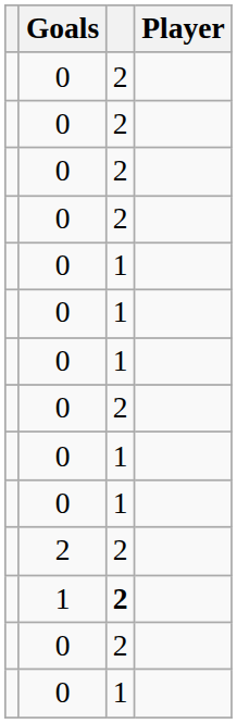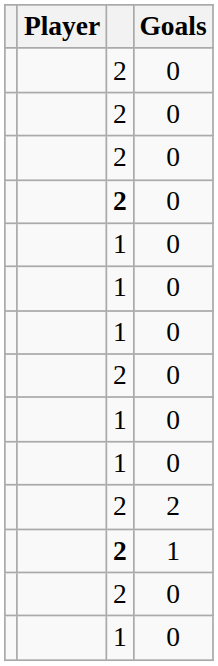 <table class="wikitable sortable" style="text-align:center;">
 <tr>
 <th></th>
+<th>Player</th>
+<th></th>
 <th>Goals</th>
-<th></th>
-<th>Player</th>
 </tr>
 <tr>
 <td></td>
+<td align="left"></td>
+<td>2</td>
 <td>0</td>
-<td>2</td>
-<td align="left"></td>
 </tr>
 <tr>
 <td></td>
+<td align="left"></td>
+<td>2</td>
 <td>0</td>
-<td>2</td>
-<td align="left"></td>
 </tr>
 <tr>
 <td></td>
+<td align="left"></td>
+<td>2</td>
 <td>0</td>
-<td>2</td>
-<td align="left"></td>
 </tr>
 <tr>
 <td></td>
+<td align="left"></td>
+<td><strong>2</strong></td>
 <td>0</td>
-<td>2</td>
-<td align="left"></td>
 </tr>
 <tr>
 <td></td>
+<td align="left"></td>
+<td>1</td>
 <td>0</td>
-<td>1</td>
-<td align="left"></td>
 </tr>
 <tr>
 <td></td>
+<td align="left"></td>
+<td>1</td>
 <td>0</td>
-<td>1</td>
-<td align="left"></td>
 </tr>
 <tr>
 <td></td>
+<td align="left"></td>
+<td>1</td>
 <td>0</td>
-<td>1</td>
-<td align="left"></td>
 </tr>
 <tr>
 <td></td>
+<td align="left"></td>
+<td>2</td>
 <td>0</td>
-<td>2</td>
-<td align="left"></td>
 </tr>
 <tr>
 <td></td>
+<td align="left"></td>
+<td>1</td>
 <td>0</td>
-<td>1</td>
-<td align="left"></td>
 </tr>
 <tr>
 <td></td>
+<td align="left"></td>
+<td>1</td>
 <td>0</td>
-<td>1</td>
-<td align="left"></td>
 </tr>
 <tr>
 <td></td>
+<td align="left"></td>
 <td>2</td>
 <td>2</td>
-<td align="left"></td>
 </tr>
 <tr>
 <td></td>
+<td align="left"></td>
+<td><strong>2</strong></td>
 <td>1</td>
-<td><strong>2</strong></td>
-<td align="left"></td>
 </tr>
 <tr>
 <td></td>
+<td align="left"></td>
+<td>2</td>
 <td>0</td>
-<td>2</td>
-<td align="left"></td>
 </tr>
 <tr>
 <td></td>
+<td align="left"></td>
+<td>1</td>
 <td>0</td>
-<td>1</td>
-<td align="left"></td>
 </tr>
 </table>
